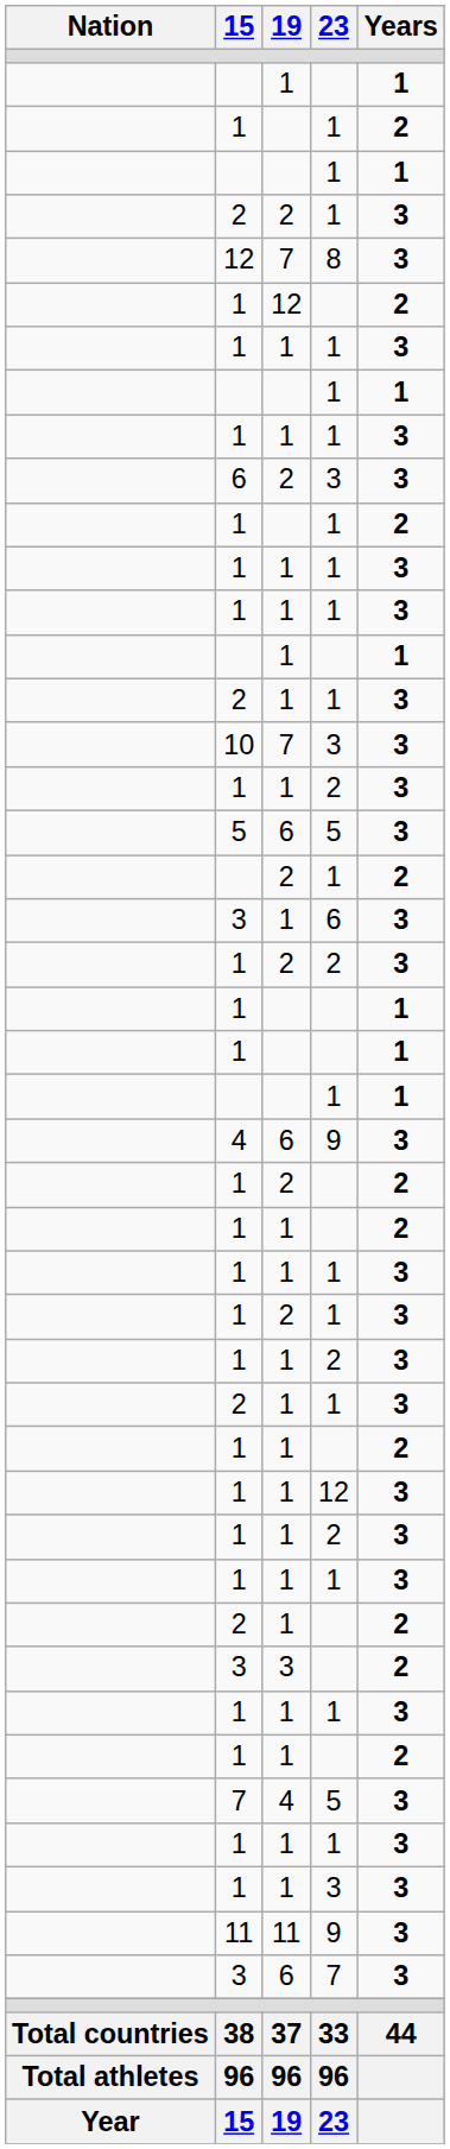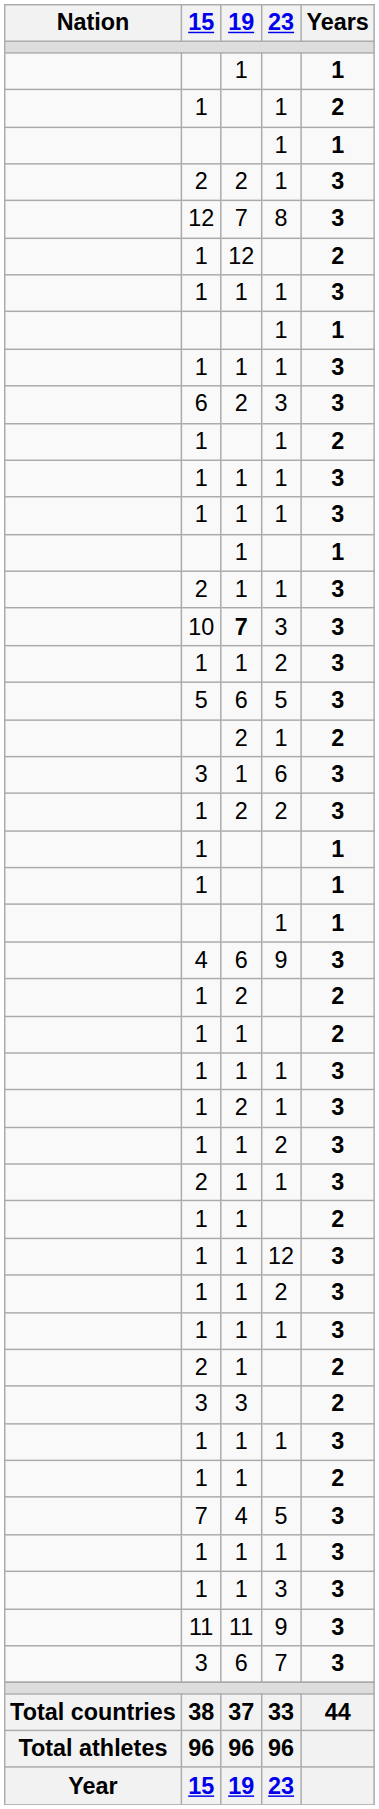 <table class=wikitable style="text-align:center">
 <tr>
 <th>Nation</th>
 <th width=20><a href='#'>15</a></th>
 <th width=20><a href='#'>19</a></th>
 <th width=20><a href='#'>23</a></th>
 <th width=40>Years</th>
 </tr>
 <tr bgcolor=#DDDDDD>
 <td colspan=5></td>
 </tr>
 <tr>
 <td align="left"></td>
 <td></td>
 <td>1</td>
 <td></td>
 <td><strong>1</strong></td>
 </tr>
 <tr>
 <td align="left"></td>
 <td>1</td>
 <td></td>
 <td>1</td>
 <td><strong>2</strong></td>
 </tr>
 <tr>
 <td align="left"></td>
 <td></td>
 <td></td>
 <td>1</td>
 <td><strong>1</strong></td>
 </tr>
 <tr>
 <td align="left"></td>
 <td>2</td>
 <td>2</td>
 <td>1</td>
 <td><strong>3</strong></td>
 </tr>
 <tr>
 <td align="left"></td>
 <td>12</td>
 <td>7</td>
 <td>8</td>
 <td><strong>3</strong></td>
 </tr>
 <tr>
 <td align="left"></td>
 <td>1</td>
 <td>12</td>
 <td></td>
 <td><strong>2</strong></td>
 </tr>
 <tr>
 <td align="left"></td>
 <td>1</td>
 <td>1</td>
 <td>1</td>
 <td><strong>3</strong></td>
 </tr>
 <tr>
 <td align="left"></td>
 <td></td>
 <td></td>
 <td>1</td>
 <td><strong>1</strong></td>
 </tr>
 <tr>
 <td align="left"></td>
 <td>1</td>
 <td>1</td>
 <td>1</td>
 <td><strong>3</strong></td>
 </tr>
 <tr>
 <td align="left"></td>
 <td>6</td>
 <td>2</td>
 <td>3</td>
 <td><strong>3</strong></td>
 </tr>
 <tr>
 <td align="left"></td>
 <td>1</td>
 <td></td>
 <td>1</td>
 <td><strong>2</strong></td>
 </tr>
 <tr>
 <td align="left"></td>
 <td>1</td>
 <td>1</td>
 <td>1</td>
 <td><strong>3</strong></td>
 </tr>
 <tr>
 <td align="left"></td>
 <td>1</td>
 <td>1</td>
 <td>1</td>
 <td><strong>3</strong></td>
 </tr>
 <tr>
 <td align="left"></td>
 <td></td>
 <td>1</td>
 <td></td>
 <td><strong>1</strong></td>
 </tr>
 <tr>
 <td align="left"></td>
 <td>2</td>
 <td>1</td>
 <td>1</td>
 <td><strong>3</strong></td>
 </tr>
 <tr>
 <td align="left"></td>
 <td>10</td>
-<td>7</td>
+<td><strong>7</strong></td>
 <td>3</td>
 <td><strong>3</strong></td>
 </tr>
 <tr>
 <td align="left"></td>
 <td>1</td>
 <td>1</td>
 <td>2</td>
 <td><strong>3</strong></td>
 </tr>
 <tr>
 <td align="left"></td>
 <td>5</td>
 <td>6</td>
 <td>5</td>
 <td><strong>3</strong></td>
 </tr>
 <tr>
 <td align="left"></td>
 <td></td>
 <td>2</td>
 <td>1</td>
 <td><strong>2</strong></td>
 </tr>
 <tr>
 <td align="left"></td>
 <td>3</td>
 <td>1</td>
 <td>6</td>
 <td><strong>3</strong></td>
 </tr>
 <tr>
 <td align="left"></td>
 <td>1</td>
 <td>2</td>
 <td>2</td>
 <td><strong>3</strong></td>
 </tr>
 <tr>
 <td align="left"></td>
 <td>1</td>
 <td></td>
 <td></td>
 <td><strong>1</strong></td>
 </tr>
 <tr>
 <td align="left"></td>
 <td>1</td>
 <td></td>
 <td></td>
 <td><strong>1</strong></td>
 </tr>
 <tr>
 <td align="left"></td>
 <td></td>
 <td></td>
 <td>1</td>
 <td><strong>1</strong></td>
 </tr>
 <tr>
 <td align="left"></td>
 <td>4</td>
 <td>6</td>
 <td>9</td>
 <td><strong>3</strong></td>
 </tr>
 <tr>
 <td align="left"></td>
 <td>1</td>
 <td>2</td>
 <td></td>
 <td><strong>2</strong></td>
 </tr>
 <tr>
 <td align="left"></td>
 <td>1</td>
 <td>1</td>
 <td></td>
 <td><strong>2</strong></td>
 </tr>
 <tr>
 <td align="left"></td>
 <td>1</td>
 <td>1</td>
 <td>1</td>
 <td><strong>3</strong></td>
 </tr>
 <tr>
 <td align="left"></td>
 <td>1</td>
 <td>2</td>
 <td>1</td>
 <td><strong>3</strong></td>
 </tr>
 <tr>
 <td align="left"></td>
 <td>1</td>
 <td>1</td>
 <td>2</td>
 <td><strong>3</strong></td>
 </tr>
 <tr>
 <td align="left"></td>
 <td>2</td>
 <td>1</td>
 <td>1</td>
 <td><strong>3</strong></td>
 </tr>
 <tr>
 <td align="left"></td>
 <td>1</td>
 <td>1</td>
 <td></td>
 <td><strong>2</strong></td>
 </tr>
 <tr>
 <td align="left"></td>
 <td>1</td>
 <td>1</td>
 <td>12</td>
 <td><strong>3</strong></td>
 </tr>
 <tr>
 <td align="left"></td>
 <td>1</td>
 <td>1</td>
 <td>2</td>
 <td><strong>3</strong></td>
 </tr>
 <tr>
 <td align="left"></td>
 <td>1</td>
 <td>1</td>
 <td>1</td>
 <td><strong>3</strong></td>
 </tr>
 <tr>
 <td align="left"></td>
 <td>2</td>
 <td>1</td>
 <td></td>
 <td><strong>2</strong></td>
 </tr>
 <tr>
 <td align="left"></td>
 <td>3</td>
 <td>3</td>
 <td></td>
 <td><strong>2</strong></td>
 </tr>
 <tr>
 <td align="left"></td>
 <td>1</td>
 <td>1</td>
 <td>1</td>
 <td><strong>3</strong></td>
 </tr>
 <tr>
 <td align="left"></td>
 <td>1</td>
 <td>1</td>
 <td></td>
 <td><strong>2</strong></td>
 </tr>
 <tr>
 <td align="left"></td>
 <td>7</td>
 <td>4</td>
 <td>5</td>
 <td><strong>3</strong></td>
 </tr>
 <tr>
 <td align="left"></td>
 <td>1</td>
 <td>1</td>
 <td>1</td>
 <td><strong>3</strong></td>
 </tr>
 <tr>
 <td align="left"></td>
 <td>1</td>
 <td>1</td>
 <td>3</td>
 <td><strong>3</strong></td>
 </tr>
 <tr>
 <td align="left"></td>
 <td>11</td>
 <td>11</td>
 <td>9</td>
 <td><strong>3</strong></td>
 </tr>
 <tr>
 <td align="left"></td>
 <td>3</td>
 <td>6</td>
 <td>7</td>
 <td><strong>3</strong></td>
 </tr>
 <tr>
 </tr>
 <tr bgcolor=#DDDDDD>
 <td colspan=5></td>
 </tr>
 <tr>
 <th>Total countries</th>
 <th>38</th>
 <th>37</th>
 <th>33</th>
 <th>44</th>
 </tr>
 <tr>
 <th>Total athletes</th>
 <th>96</th>
 <th>96</th>
 <th>96</th>
 <th></th>
 </tr>
 <tr>
 <th>Year</th>
 <th><a href='#'>15</a></th>
 <th><a href='#'>19</a></th>
 <th><a href='#'>23</a></th>
 <th></th>
 </tr>
 </table>
